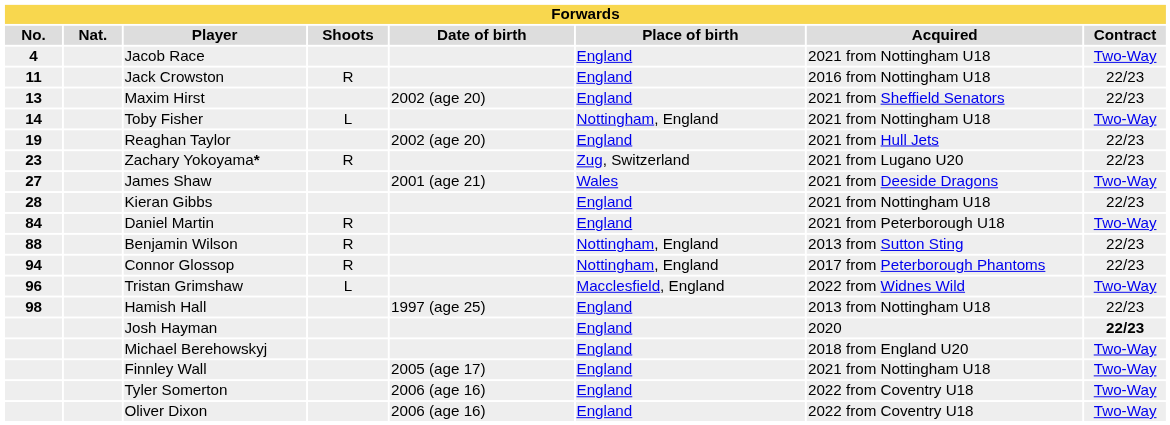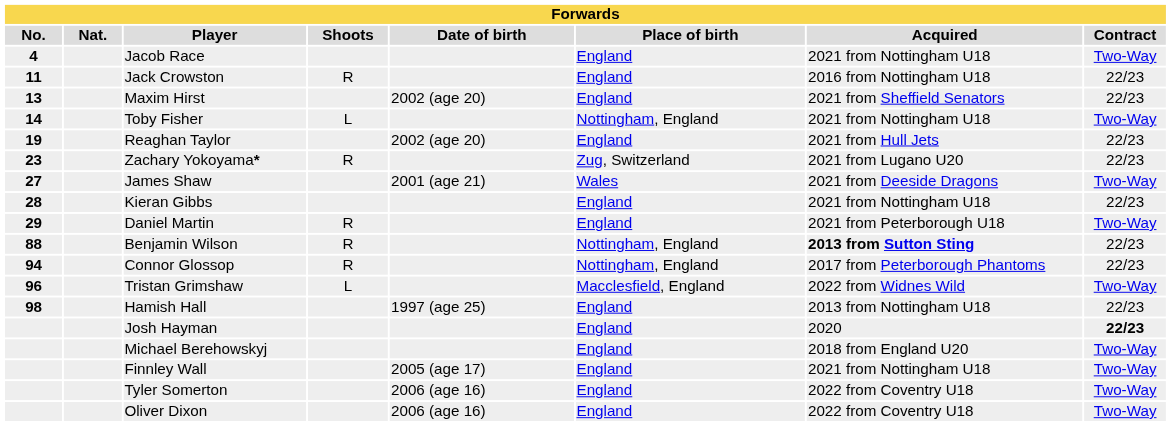 <table class="toccolours"  style="width:97%; clear:both; margin:1.5em auto; text-align:center;">
 <tr style="background:#ddd;">
 <th colspan="11" style="background:#f8d74e; color:#000000;”">Forwards</th>
 </tr>
 <tr style="background:#ddd;">
 <th width=5%>No.</th>
 <th width=5%>Nat.</th>
 <th !width=22%>Player</th>
 <th width=7%>Shoots</th>
 <th width=16%>Date of birth</th>
 <th width=20%>Place of birth</th>
 <th width=24%>Acquired</th>
 <td><strong>Contract</strong></td>
 </tr>
 <tr style="background:#eee;">
 <td><strong>4</strong></td>
 <td></td>
 <td align=left>Jacob Race</td>
 <td></td>
 <td align=left></td>
 <td align=left><a href='#'>England</a></td>
 <td align=left>2021 from Nottingham U18</td>
 <td><a href='#'>Two-Way</a></td>
 </tr>
 <tr style="background:#eee;">
 <td><strong>11</strong></td>
 <td></td>
 <td align=left>Jack Crowston</td>
 <td>R</td>
 <td align=left></td>
 <td align=left><a href='#'>England</a></td>
 <td align=left>2016 from Nottingham U18</td>
 <td>22/23</td>
 </tr>
 <tr style="background:#eee;">
 <td><strong>13</strong></td>
 <td></td>
 <td align=left>Maxim Hirst</td>
 <td></td>
 <td align=left>2002 (age 20)</td>
 <td align=left><a href='#'>England</a></td>
 <td align=left>2021 from <a href='#'>Sheffield Senators</a></td>
 <td>22/23</td>
 </tr>
 <tr style="background:#eee;">
 <td><strong>14</strong></td>
 <td></td>
 <td align=left>Toby Fisher</td>
 <td>L</td>
 <td align=left></td>
 <td align=left><a href='#'>Nottingham</a>, England</td>
 <td align=left>2021 from Nottingham U18</td>
 <td><a href='#'>Two-Way</a></td>
 </tr>
 <tr style="background:#eee;">
 <td><strong>19</strong></td>
 <td></td>
 <td align=left>Reaghan Taylor</td>
 <td></td>
 <td align=left>2002 (age 20)</td>
 <td align=left><a href='#'>England</a></td>
 <td align=left>2021 from <a href='#'>Hull Jets</a></td>
 <td>22/23</td>
 </tr>
 <tr style="background:#eee;">
 <td><strong>23</strong></td>
 <td></td>
 <td align=left>Zachary Yokoyama<strong>*</strong></td>
 <td>R</td>
 <td align=left></td>
 <td align=left><a href='#'>Zug</a>, Switzerland</td>
 <td align=left>2021 from Lugano U20</td>
 <td>22/23</td>
 </tr>
 <tr style="background:#eee;">
 <td><strong>27</strong></td>
 <td></td>
 <td align=left>James Shaw</td>
 <td></td>
 <td align=left>2001 (age 21)</td>
 <td align=left><a href='#'>Wales</a></td>
 <td align=left>2021 from <a href='#'>Deeside Dragons</a></td>
 <td><a href='#'>Two-Way</a></td>
 </tr>
 <tr style="background:#eee;">
 <td><strong>28</strong></td>
 <td></td>
 <td align=left>Kieran Gibbs</td>
 <td></td>
 <td align=left></td>
 <td align=left><a href='#'>England</a></td>
 <td align=left>2021 from Nottingham U18</td>
 <td>22/23</td>
 </tr>
 <tr style="background:#eee;">
-<td><strong>84</strong></td>
+<td><strong>29</strong></td>
 <td></td>
 <td align=left>Daniel Martin</td>
 <td>R</td>
 <td align=left></td>
 <td align=left><a href='#'>England</a></td>
 <td align=left>2021 from Peterborough U18</td>
 <td><a href='#'>Two-Way</a></td>
 </tr>
 <tr style="background:#eee;">
 <td><strong>88</strong></td>
 <td></td>
 <td align=left>Benjamin Wilson</td>
 <td>R</td>
 <td align=left></td>
 <td align=left><a href='#'>Nottingham</a>, England</td>
-<td align=left>2013 from <a href='#'>Sutton Sting</a></td>
+<td align=left><strong>2013 from <a href='#'>Sutton Sting</a></strong></td>
 <td>22/23</td>
 </tr>
 <tr style="background:#eee;">
 <td><strong>94</strong></td>
 <td></td>
 <td align=left>Connor Glossop</td>
 <td>R</td>
 <td align=left></td>
 <td align=left><a href='#'>Nottingham</a>, England</td>
 <td align=left>2017 from <a href='#'>Peterborough Phantoms</a></td>
 <td>22/23</td>
 </tr>
 <tr style="background:#eee;">
 <td><strong>96</strong></td>
 <td></td>
 <td align=left>Tristan Grimshaw</td>
 <td>L</td>
 <td align=left></td>
 <td align=left><a href='#'>Macclesfield</a>, England</td>
 <td align=left>2022 from <a href='#'>Widnes Wild</a></td>
 <td><a href='#'>Two-Way</a></td>
 </tr>
 <tr style="background:#eee;">
 <td><strong>98</strong></td>
 <td></td>
 <td align=left>Hamish Hall</td>
 <td></td>
 <td align=left>1997 (age 25)</td>
 <td align=left><a href='#'>England</a></td>
 <td align=left>2013 from Nottingham U18</td>
 <td>22/23</td>
 </tr>
 <tr style="background:#eee;">
 <td></td>
 <td></td>
 <td align=left>Josh Hayman</td>
 <td></td>
 <td align=left></td>
 <td align=left><a href='#'>England</a></td>
 <td align=left>2020</td>
 <td><strong>22/23</strong></td>
 </tr>
 <tr style="background:#eee;">
 <td></td>
 <td></td>
 <td align=left>Michael Berehowskyj</td>
 <td></td>
 <td align=left></td>
 <td align=left><a href='#'>England</a></td>
 <td align=left>2018 from England U20</td>
 <td><a href='#'>Two-Way</a></td>
 </tr>
 <tr style="background:#eee;">
 <td></td>
 <td></td>
 <td align=left>Finnley Wall</td>
 <td></td>
 <td align=left>2005 (age 17)</td>
 <td align=left><a href='#'>England</a></td>
 <td align=left>2021 from Nottingham U18</td>
 <td><a href='#'>Two-Way</a></td>
 </tr>
 <tr style="background:#eee;">
 <td></td>
 <td></td>
 <td align=left>Tyler Somerton</td>
 <td></td>
 <td align=left>2006 (age 16)</td>
 <td align=left><a href='#'>England</a></td>
 <td align=left>2022 from Coventry U18</td>
 <td><a href='#'>Two-Way</a></td>
 </tr>
 <tr style="background:#eee;">
 <td></td>
 <td></td>
 <td align=left>Oliver Dixon</td>
 <td></td>
 <td align=left>2006 (age 16)</td>
 <td align=left><a href='#'>England</a></td>
 <td align=left>2022 from Coventry U18</td>
 <td><a href='#'>Two-Way</a></td>
 </tr>
 </table>
